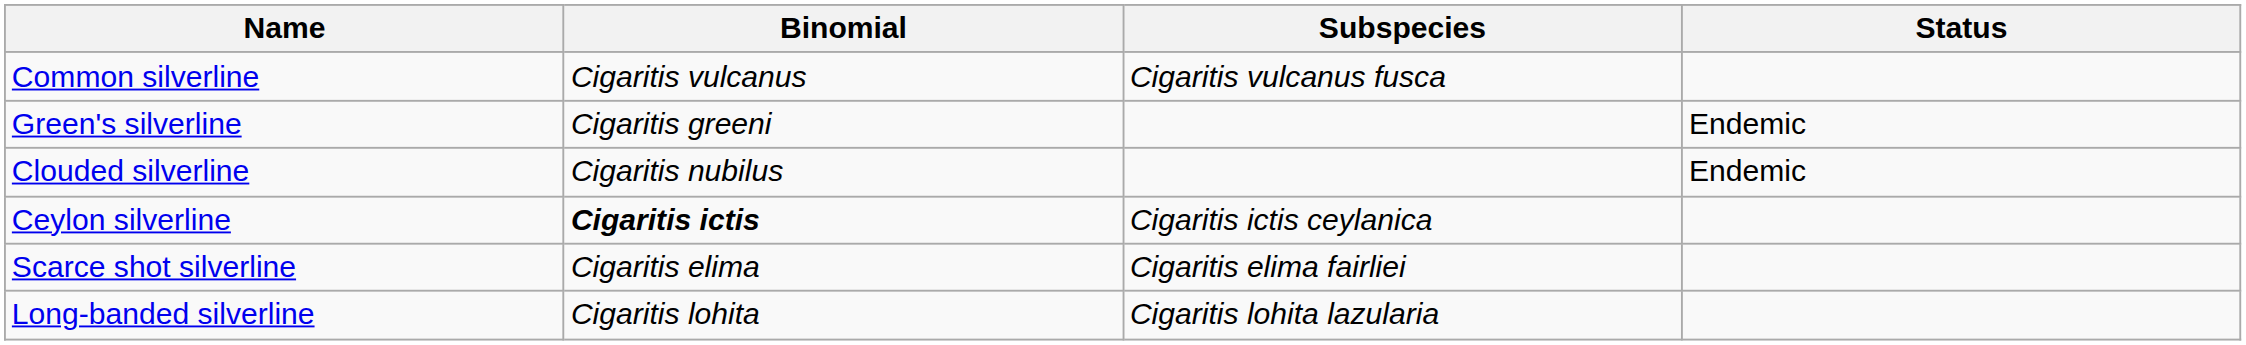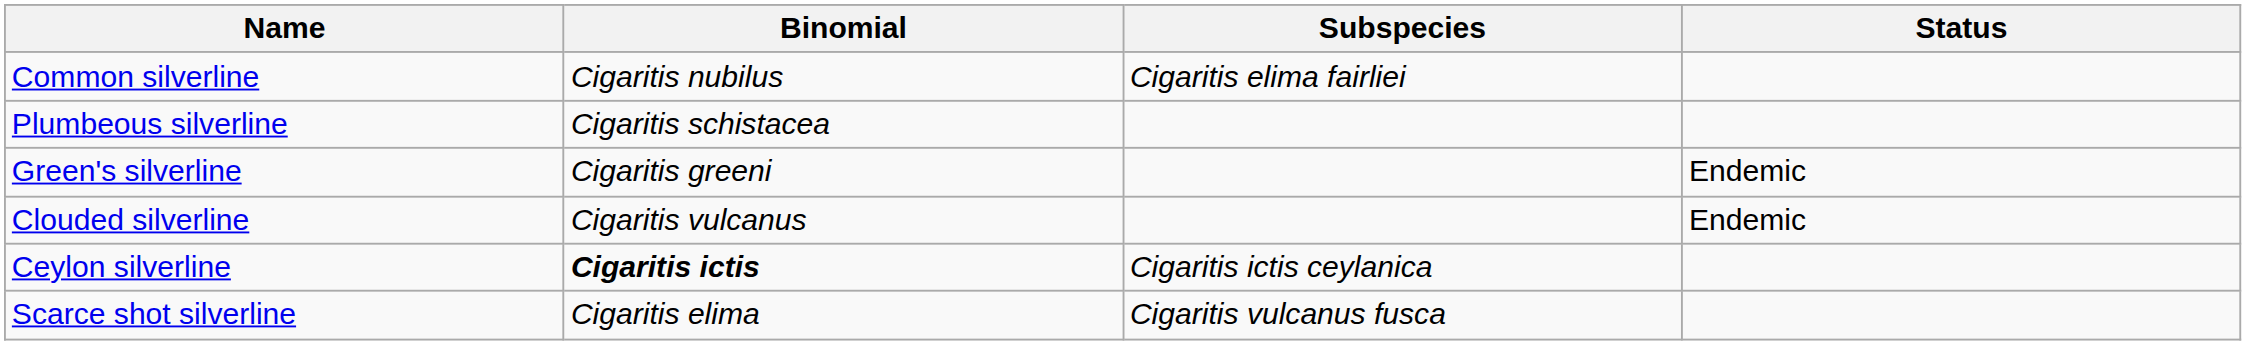 <table width=60% class="wikitable">
 <tr>
 <th width=20%>Name</th>
 <th width=20%>Binomial</th>
 <th width=20%>Subspecies</th>
 <th width=20%>Status</th>
 </tr>
 <tr>
 <td><a href='#'>Common silverline</a><br> </td>
-<td><em>Cigaritis vulcanus</em></td>
-<td><em>Cigaritis vulcanus fusca</em></td>
+<td><em>Cigaritis nubilus</em></td>
+<td><em>Cigaritis elima fairliei</em></td>
+<td></td>
+</tr>
+<tr>
+<td><a href='#'>Plumbeous silverline</a><br> </td>
+<td><em>Cigaritis schistacea</em></td>
+<td></td>
 <td></td>
 </tr>
 <tr>
 <td><a href='#'>Green's silverline</a></td>
 <td><em>Cigaritis greeni</em></td>
 <td></td>
 <td>Endemic</td>
 </tr>
 <tr>
 <td><a href='#'>Clouded silverline</a></td>
-<td><em>Cigaritis nubilus</em></td>
+<td><em>Cigaritis vulcanus</em></td>
 <td></td>
 <td>Endemic</td>
 </tr>
 <tr>
 <td><a href='#'>Ceylon silverline</a><br> </td>
 <td><strong><em>Cigaritis ictis</em></strong></td>
 <td><em>Cigaritis ictis ceylanica</em></td>
 <td></td>
 </tr>
 <tr>
 <td><a href='#'>Scarce shot silverline</a><br></td>
 <td><em>Cigaritis elima</em></td>
-<td><em>Cigaritis elima fairliei</em></td>
-<td></td>
-</tr>
-<tr>
-<td><a href='#'>Long-banded silverline</a><br>  </td>
-<td><em>Cigaritis lohita</em></td>
-<td><em>Cigaritis lohita lazularia</em></td>
+<td><em>Cigaritis vulcanus fusca</em></td>
 <td></td>
 </tr>
 </table>
